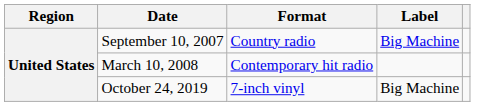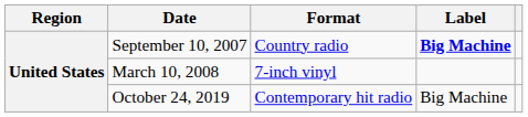 <table class="wikitable plainrowheaders">
 <tr>
 <th scope="col">Region</th>
 <th scope="col">Date</th>
 <th scope="col">Format</th>
 <th scope="col">Label</th>
 <th scope="col"></th>
 </tr>
 <tr>
 <th scope="row" rowspan="3">United States</th>
 <td>September 10, 2007</td>
 <td><a href='#'>Country radio</a></td>
-<td><a href='#'>Big Machine</a></td>
+<td><strong><a href='#'>Big Machine</a></strong></td>
 <td align="center"></td>
 </tr>
 <tr>
 <td>March 10, 2008</td>
-<td><a href='#'>Contemporary hit radio</a></td>
+<td><a href='#'>7-inch vinyl</a></td>
 <td></td>
 <td align="center"></td>
 </tr>
 <tr>
 <td>October 24, 2019</td>
-<td><a href='#'>7-inch vinyl</a></td>
+<td><a href='#'>Contemporary hit radio</a></td>
 <td>Big Machine</td>
 <td align="center"></td>
 </tr>
 </table>
